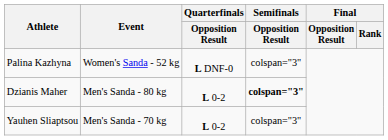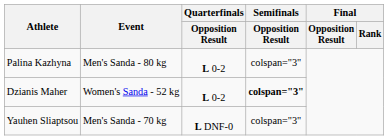 <table class="wikitable" style="font-size:90%">
 <tr>
 <th rowspan="2">Athlete</th>
 <th rowspan="2">Event</th>
 <th>Quarterfinals</th>
 <th>Semifinals</th>
 <th colspan="2">Final</th>
 </tr>
 <tr style="font-size:95%">
 <th>Opposition<br>Result</th>
 <th>Opposition<br>Result</th>
 <th>Opposition<br>Result</th>
 <th>Rank</th>
 </tr>
 <tr align="center">
 <td align="left">Palina Kazhyna</td>
-<td align="left">Women's <a href='#'>Sanda</a> - 52 kg</td>
-<td><br><strong>L</strong> DNF-0</td>
+<td align="left">Men's Sanda - 80 kg</td>
+<td><br><strong>L</strong> 0-2</td>
 <td>colspan="3"</td>
 </tr>
 <tr align="center">
 <td align="left">Dzianis Maher</td>
-<td align="left">Men's Sanda - 80 kg</td>
+<td align="left">Women's <a href='#'>Sanda</a> - 52 kg</td>
 <td><br><strong>L</strong> 0-2</td>
 <td><strong>colspan="3"</strong></td>
 </tr>
 <tr align="center">
 <td align="left">Yauhen Sliaptsou</td>
 <td align="left">Men's Sanda - 70 kg</td>
-<td><br><strong>L</strong> 0-2</td>
+<td><br><strong>L</strong> DNF-0</td>
 <td>colspan="3"</td>
 </tr>
 </table>
